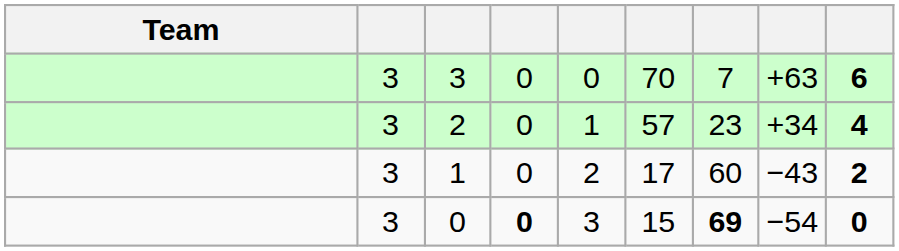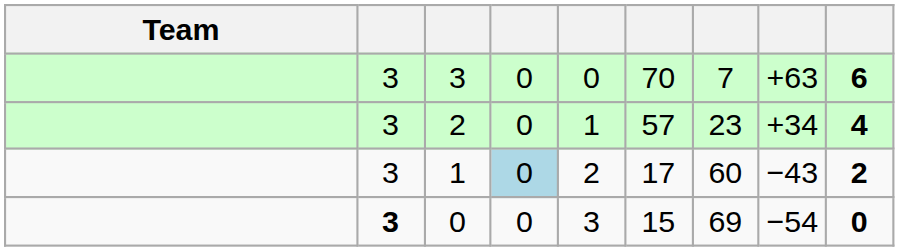 <table class="wikitable" style="text-align: center; font-size:90% ">
 <tr>
 <th width=160>Team</th>
 <th width=25></th>
 <th width=25></th>
 <th width=25></th>
 <th width=25></th>
 <th width=25></th>
 <th width=25></th>
 <th width=25></th>
 <th width=25></th>
 </tr>
 <tr bgcolor=ccffcc>
 <td align=left></td>
 <td>3</td>
 <td>3</td>
 <td>0</td>
 <td>0</td>
 <td>70</td>
 <td>7</td>
 <td>+63</td>
 <td><strong>6</strong></td>
 </tr>
 <tr bgcolor=ccffcc>
 <td align=left></td>
 <td>3</td>
 <td>2</td>
 <td>0</td>
 <td>1</td>
 <td>57</td>
 <td>23</td>
 <td>+34</td>
 <td><strong>4</strong></td>
 </tr>
 <tr>
 <td align=left></td>
 <td>3</td>
 <td>1</td>
-<td>0</td>
+<td style="background: lightblue;">0</td>
 <td>2</td>
 <td>17</td>
 <td>60</td>
 <td>−43</td>
 <td><strong>2</strong></td>
 </tr>
 <tr>
 <td align=left></td>
-<td>3</td>
+<td><strong>3</strong></td>
 <td>0</td>
-<td><strong>0</strong></td>
+<td>0</td>
 <td>3</td>
 <td>15</td>
-<td><strong>69</strong></td>
+<td>69</td>
 <td>−54</td>
 <td><strong>0</strong></td>
 </tr>
 </table>
